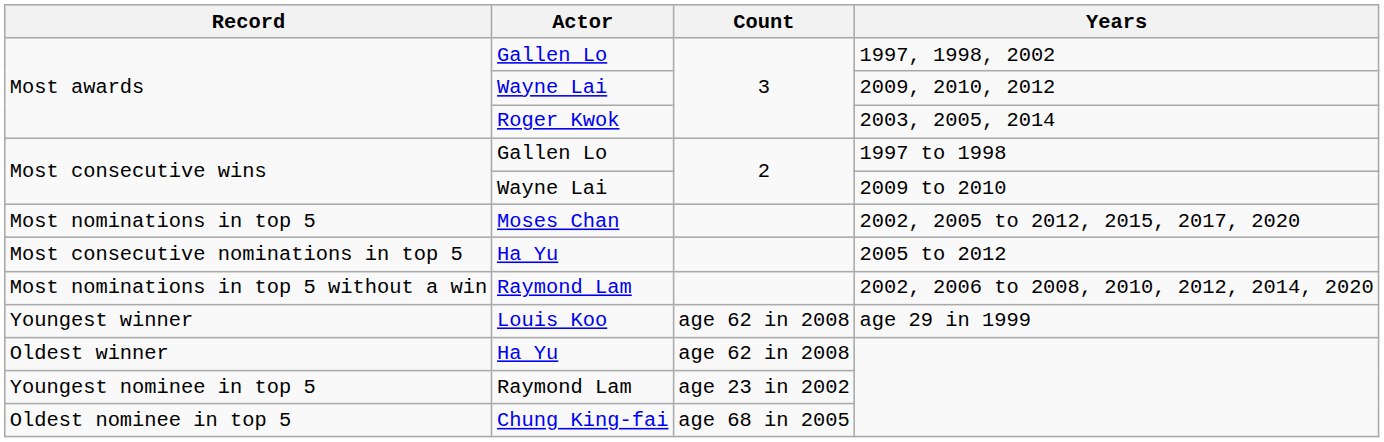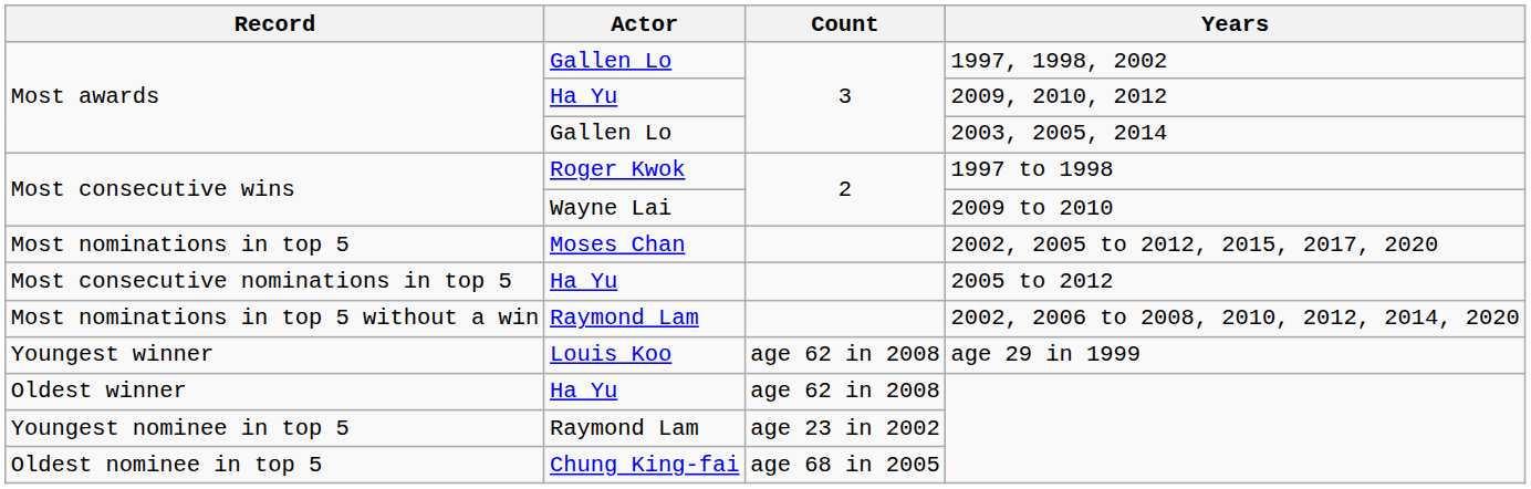 <table class="wikitable plainrowheaders sortable">
 <tr>
 <th scope="col" class="unsortable">Record</th>
 <th scope="col" class="unsortable">Actor</th>
 <th scope="col" class="unsortable">Count</th>
 <th scope="col" class="unsortable">Years</th>
 </tr>
 <tr>
 <td rowspan="3">Most awards</td>
 <td><a href='#'>Gallen Lo</a></td>
 <td rowspan="3" style="text-align:center;">3</td>
 <td>1997, 1998, 2002</td>
 </tr>
 <tr>
-<td><a href='#'>Wayne Lai</a></td>
+<td><a href='#'>Ha Yu</a></td>
 <td>2009, 2010, 2012</td>
 </tr>
 <tr>
-<td><a href='#'>Roger Kwok</a></td>
+<td>Gallen Lo</td>
 <td>2003, 2005, 2014</td>
 </tr>
 <tr>
 <td rowspan="2">Most consecutive wins</td>
-<td>Gallen Lo</td>
+<td><a href='#'>Roger Kwok</a></td>
 <td rowspan="2" style="text-align:center;">2</td>
 <td>1997 to 1998</td>
 </tr>
 <tr>
 <td>Wayne Lai</td>
 <td>2009 to 2010</td>
 </tr>
 <tr>
 <td>Most nominations in top 5</td>
 <td><a href='#'>Moses Chan</a></td>
 <td></td>
 <td>2002, 2005 to 2012, 2015, 2017, 2020</td>
 </tr>
 <tr>
 <td>Most consecutive nominations in top 5</td>
 <td><a href='#'>Ha Yu</a></td>
 <td></td>
 <td>2005 to 2012</td>
 </tr>
 <tr>
 <td>Most nominations in top 5 without a win</td>
 <td><a href='#'>Raymond Lam</a></td>
 <td></td>
 <td>2002, 2006 to 2008, 2010, 2012, 2014, 2020</td>
 </tr>
 <tr>
 <td>Youngest winner</td>
 <td><a href='#'>Louis Koo</a></td>
 <td>age 62 in 2008</td>
 <td>age 29 in 1999</td>
 </tr>
 <tr>
 <td>Oldest winner</td>
 <td><a href='#'>Ha Yu</a></td>
 <td>age 62 in 2008</td>
 </tr>
 <tr>
 <td>Youngest nominee in top 5</td>
 <td>Raymond Lam</td>
 <td>age 23 in 2002</td>
 </tr>
 <tr>
 <td>Oldest nominee in top 5</td>
 <td><a href='#'>Chung King-fai</a></td>
 <td>age 68 in 2005</td>
 </tr>
 </table>
